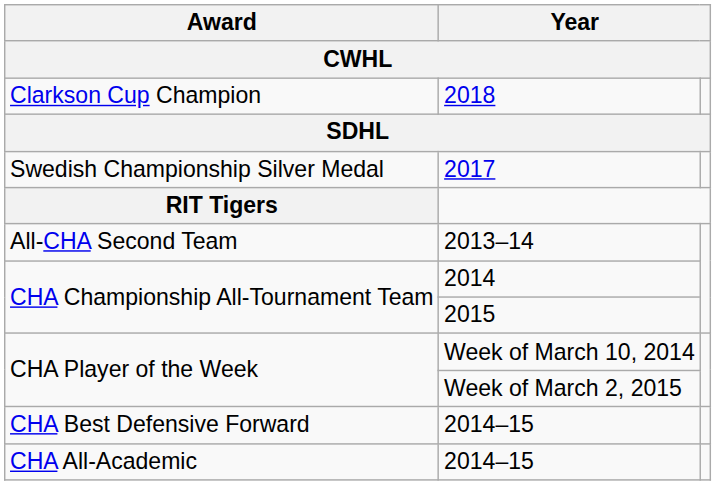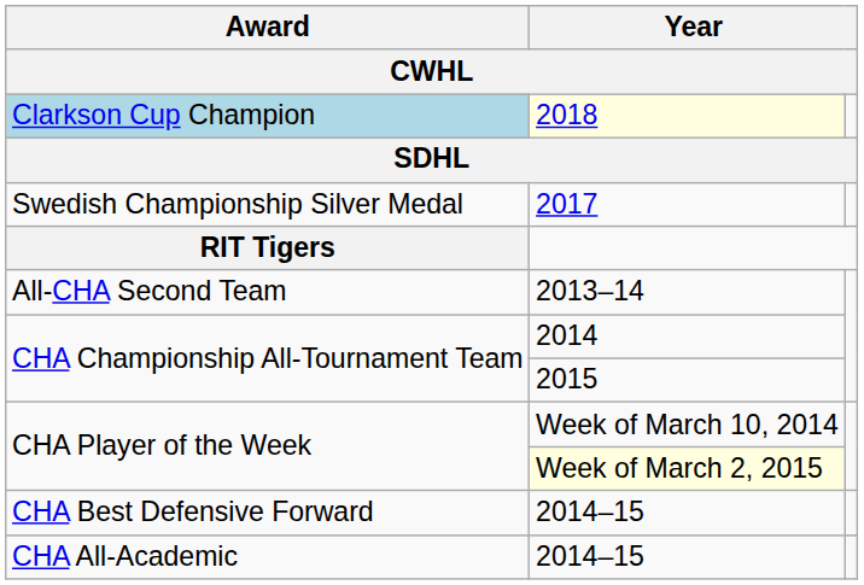 <table class="wikitable">
 <tr>
 <th scope="col">Award</th>
 <th colspan="2" scope="col">Year</th>
 </tr>
 <tr>
 <th colspan="3">CWHL</th>
 </tr>
 <tr>
-<td><a href='#'>Clarkson Cup</a> Champion</td>
-<td><a href='#'>2018</a></td>
+<td style="background: lightblue;"><a href='#'>Clarkson Cup</a> Champion</td>
+<td style="background: lightyellow;"><a href='#'>2018</a></td>
 <td align="center"></td>
 </tr>
 <tr>
 <th colspan="3">SDHL</th>
 </tr>
 <tr>
 <td>Swedish Championship Silver Medal</td>
 <td><a href='#'>2017</a></td>
 <td align="center"></td>
 </tr>
 <tr>
 <th>RIT Tigers</th>
 </tr>
 <tr>
 <td>All-<a href='#'>CHA</a> Second Team</td>
 <td>2013–14</td>
 <td align="center" rowspan="3"></td>
 </tr>
 <tr>
 <td rowspan="2"><a href='#'>CHA</a> Championship All-Tournament Team</td>
 <td>2014</td>
 </tr>
 <tr>
 <td>2015</td>
 </tr>
 <tr>
 <td rowspan="2">CHA Player of the Week</td>
 <td>Week of March 10, 2014</td>
 <td rowspan="2" align="center"></td>
 </tr>
 <tr>
-<td>Week of March 2, 2015</td>
+<td style="background: lightyellow;">Week of March 2, 2015</td>
 </tr>
 <tr>
 <td><a href='#'>CHA</a> Best Defensive Forward</td>
 <td>2014–15</td>
 <td align="center"></td>
 </tr>
 <tr>
 <td><a href='#'>CHA</a> All-Academic</td>
 <td>2014–15</td>
 <td align="center"></td>
 </tr>
 </table>
